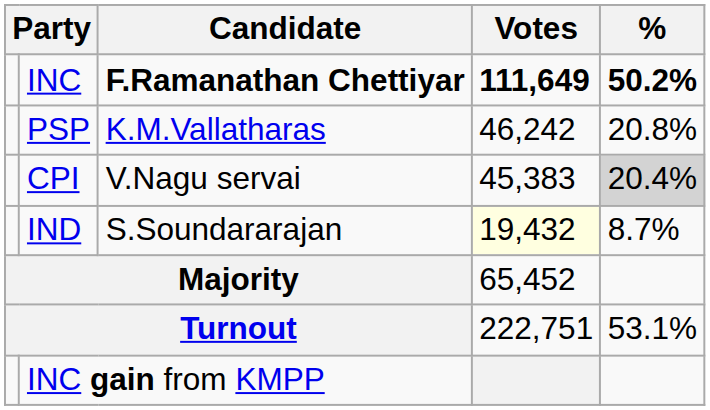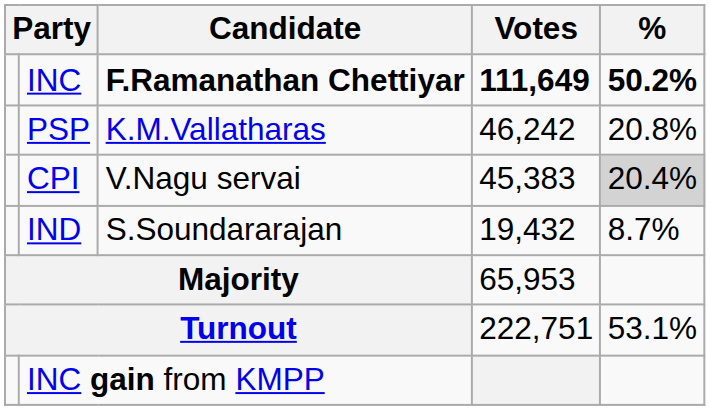 <table class="wikitable">
 <tr>
 <th colspan="2">Party</th>
 <th>Candidate</th>
 <th>Votes</th>
 <th>%</th>
 </tr>
 <tr>
 <td></td>
 <td><a href='#'>INC</a></td>
 <td><strong>F.Ramanathan Chettiyar</strong></td>
 <td><strong>111,649</strong></td>
 <td><strong>50.2%</strong></td>
 </tr>
 <tr>
 <td></td>
 <td><a href='#'>PSP</a></td>
 <td><a href='#'>K.M.Vallatharas</a></td>
 <td>46,242</td>
 <td>20.8%</td>
 </tr>
 <tr>
 <td></td>
 <td><a href='#'>CPI</a></td>
 <td>V.Nagu servai</td>
 <td>45,383</td>
 <td style="background: lightgrey;">20.4%</td>
 </tr>
 <tr>
 <td></td>
 <td><a href='#'>IND</a></td>
 <td>S.Soundararajan</td>
-<td style="background: lightyellow;">19,432</td>
+<td>19,432</td>
 <td>8.7%</td>
 </tr>
 <tr>
 <th colspan="3">Majority</th>
-<td>65,452</td>
+<td>65,953</td>
 </tr>
 <tr>
 <th colspan="3"><a href='#'>Turnout</a></th>
 <td>222,751</td>
 <td>53.1%</td>
 </tr>
 <tr>
 <td></td>
 <td colspan="2"><a href='#'>INC</a> <strong>gain</strong> from <a href='#'>KMPP</a></td>
 <th></th>
 <td></td>
 </tr>
 </table>
